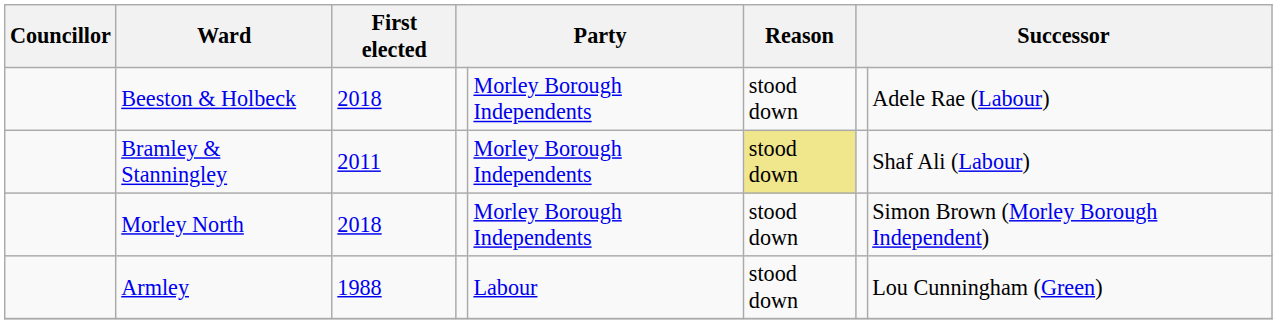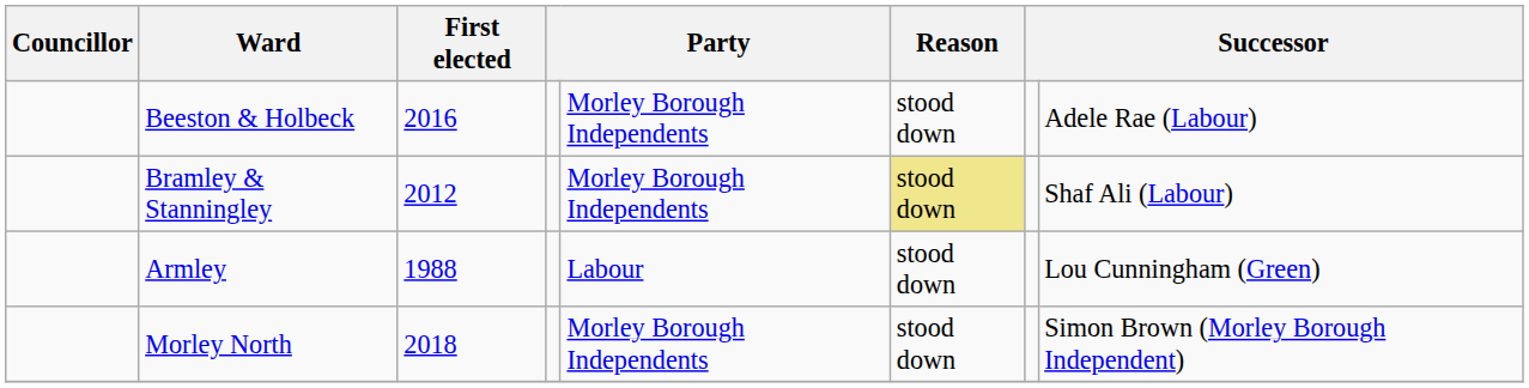 <table class="wikitable sortable" style="font-size:95%;">
 <tr>
 <th scope="col">Councillor</th>
 <th scope="col">Ward</th>
 <th scope="col">First elected</th>
 <th colspan="2" scope="col">Party</th>
 <th scope="col">Reason</th>
 <th colspan="2" scope="col">Successor</th>
 </tr>
 <tr>
 <td></td>
 <td><a href='#'>Beeston & Holbeck</a></td>
-<td><a href='#'>2018</a></td>
+<td><a href='#'>2016</a></td>
 <td width="1" style="color:inherit;background:"></td>
 <td><a href='#'>Morley Borough Independents</a></td>
 <td>stood down</td>
 <td width="1" style="color:inherit;background:"></td>
 <td>Adele Rae (<a href='#'>Labour</a>)</td>
 </tr>
 <tr>
 <td></td>
 <td><a href='#'>Bramley & Stanningley</a></td>
-<td><a href='#'>2011</a></td>
+<td><a href='#'>2012</a></td>
 <td width="1" style="color:inherit;background:"></td>
 <td><a href='#'>Morley Borough Independents</a></td>
 <td style="background: khaki;">stood down</td>
 <td width="1" style="color:inherit;background:"></td>
 <td>Shaf Ali (<a href='#'>Labour</a>)</td>
+</tr>
+<tr>
+<td></td>
+<td><a href='#'>Armley</a></td>
+<td><a href='#'>1988</a></td>
+<td width="1" style="color:inherit;background:"></td>
+<td><a href='#'>Labour</a></td>
+<td>stood down</td>
+<td width="1" style="color:inherit;background:"></td>
+<td>Lou Cunningham (<a href='#'>Green</a>)</td>
 </tr>
 <tr>
 <td></td>
 <td><a href='#'>Morley North</a></td>
 <td><a href='#'>2018</a></td>
 <td width="1" style="color:inherit;background:"></td>
 <td><a href='#'>Morley Borough Independents</a></td>
 <td>stood down</td>
 <td width="1" style="color:inherit;background:"></td>
 <td>Simon Brown (<a href='#'>Morley Borough Independent</a>)</td>
 </tr>
 <tr>
-<td></td>
-<td><a href='#'>Armley</a></td>
-<td><a href='#'>1988</a></td>
-<td width="1" style="color:inherit;background:"></td>
-<td><a href='#'>Labour</a></td>
-<td>stood down</td>
-<td width="1" style="color:inherit;background:"></td>
-<td>Lou Cunningham (<a href='#'>Green</a>)</td>
-</tr>
-<tr>
 </tr>
 </table>
